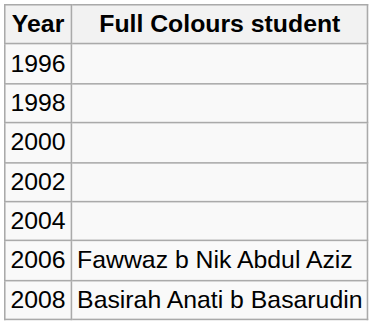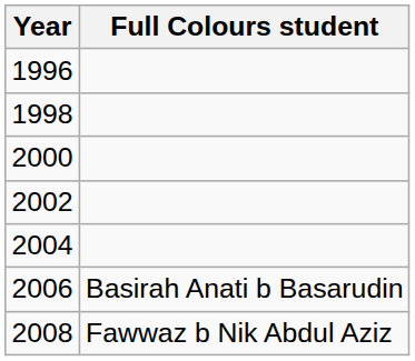 <table class="wikitable">
 <tr>
 <th>Year</th>
 <th>Full Colours student</th>
 </tr>
 <tr>
 <td>1996</td>
 <td></td>
 </tr>
 <tr>
 <td>1998</td>
 <td></td>
 </tr>
 <tr>
 <td>2000</td>
 <td></td>
 </tr>
 <tr>
 <td>2002</td>
 <td></td>
 </tr>
 <tr>
 <td>2004</td>
 <td></td>
 </tr>
 <tr>
 <td>2006</td>
-<td>Fawwaz b Nik Abdul Aziz</td>
+<td>Basirah Anati b Basarudin</td>
 </tr>
 <tr>
 <td>2008</td>
-<td>Basirah Anati b Basarudin</td>
+<td>Fawwaz b Nik Abdul Aziz</td>
 </tr>
 </table>
